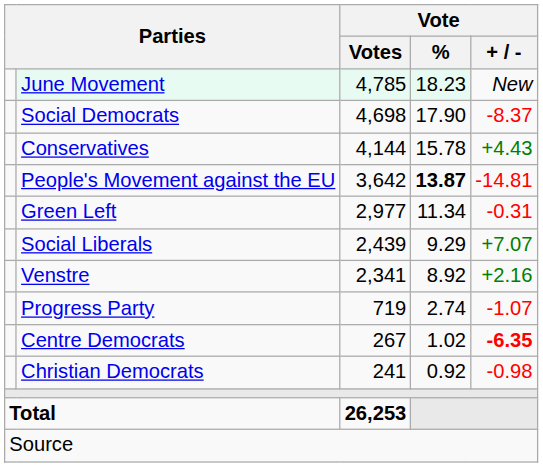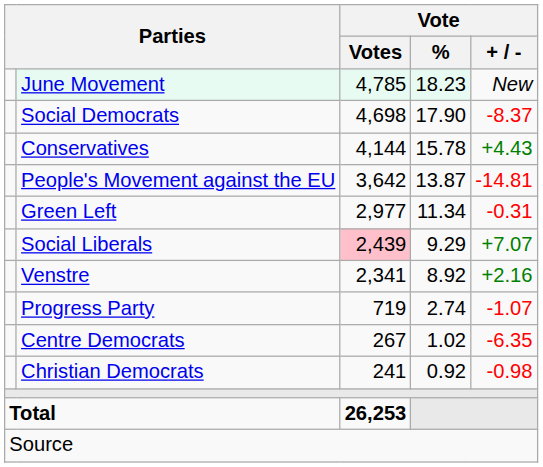 <table class="wikitable" style="text-align:right;">
 <tr>
 <th style="text-align:centre;" rowspan="2" colspan="2" width="225">Parties</th>
 <th colspan="3">Vote</th>
 </tr>
 <tr>
 <th width="15">Votes</th>
 <th width="15">%</th>
 <th width="15">+ / -</th>
 </tr>
 <tr>
 <td width="2" style="color:inherit;background:"></td>
 <td bgcolor=#e8fbf3   align="left"><a href='#'>June Movement</a></td>
 <td bgcolor=#e8fbf3>4,785</td>
 <td bgcolor=#e8fbf3>18.23</td>
 <td><em>New</em></td>
 </tr>
 <tr>
 <td width="2" style="color:inherit;background:"></td>
 <td align="left"><a href='#'>Social Democrats</a></td>
 <td>4,698</td>
 <td>17.90</td>
 <td style=color:red;>-8.37</td>
 </tr>
 <tr>
 <td width="2" style="color:inherit;background:"></td>
 <td align="left"><a href='#'>Conservatives</a></td>
 <td>4,144</td>
 <td>15.78</td>
 <td style=color:green;>+4.43</td>
 </tr>
 <tr>
 <td width="2" style="color:inherit;background:"></td>
 <td align="left"><a href='#'>People's Movement against the EU</a></td>
 <td>3,642</td>
-<td><strong>13.87</strong></td>
+<td>13.87</td>
 <td style=color:red;>-14.81</td>
 </tr>
 <tr>
 <td width="2" style="color:inherit;background:"></td>
 <td align="left"><a href='#'>Green Left</a></td>
 <td>2,977</td>
 <td>11.34</td>
 <td style=color:red;>-0.31</td>
 </tr>
 <tr>
 <td width="2" style="color:inherit;background:"></td>
 <td align="left"><a href='#'>Social Liberals</a></td>
-<td>2,439</td>
+<td style="background: pink;">2,439</td>
 <td>9.29</td>
 <td style=color:green;>+7.07</td>
 </tr>
 <tr>
 <td width="2" style="color:inherit;background:"></td>
 <td align="left"><a href='#'>Venstre</a></td>
 <td>2,341</td>
 <td>8.92</td>
 <td style=color:green;>+2.16</td>
 </tr>
 <tr>
 <td width="2" style="color:inherit;background:"></td>
 <td align="left"><a href='#'>Progress Party</a></td>
 <td>719</td>
 <td>2.74</td>
 <td style=color:red;>-1.07</td>
 </tr>
 <tr>
 <td width="2" style="color:inherit;background:"></td>
 <td align="left"><a href='#'>Centre Democrats</a></td>
 <td>267</td>
 <td>1.02</td>
-<td style=color:red;><strong>-6.35</strong></td>
+<td style=color:red;>-6.35</td>
 </tr>
 <tr>
 <td width="2" style="color:inherit;background:"></td>
 <td align="left"><a href='#'>Christian Democrats</a></td>
 <td>241</td>
 <td>0.92</td>
 <td style=color:red;>-0.98</td>
 </tr>
 <tr>
 <td colspan="7" bgcolor="#E9E9E9"></td>
 </tr>
 <tr>
 <td align="left" colspan="2"><strong>Total</strong></td>
 <td><strong>26,253</strong></td>
 <td bgcolor="#E9E9E9" colspan="2"></td>
 </tr>
 <tr>
 <td align="left" colspan="6">Source</td>
 </tr>
 </table>
